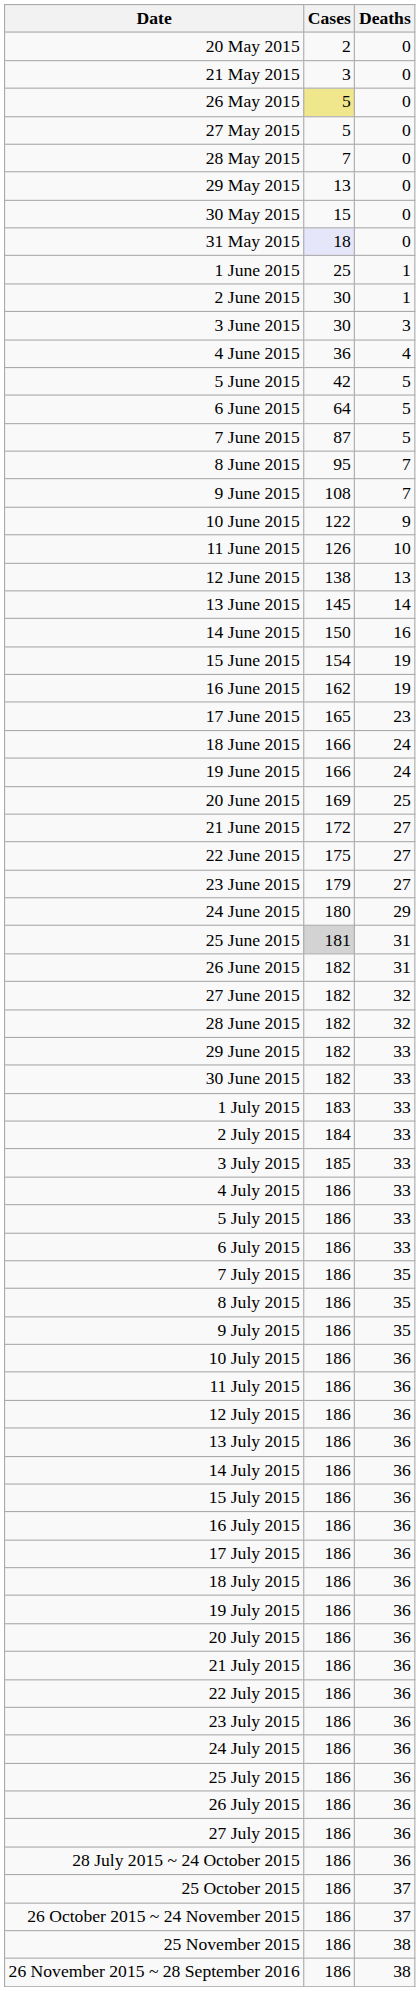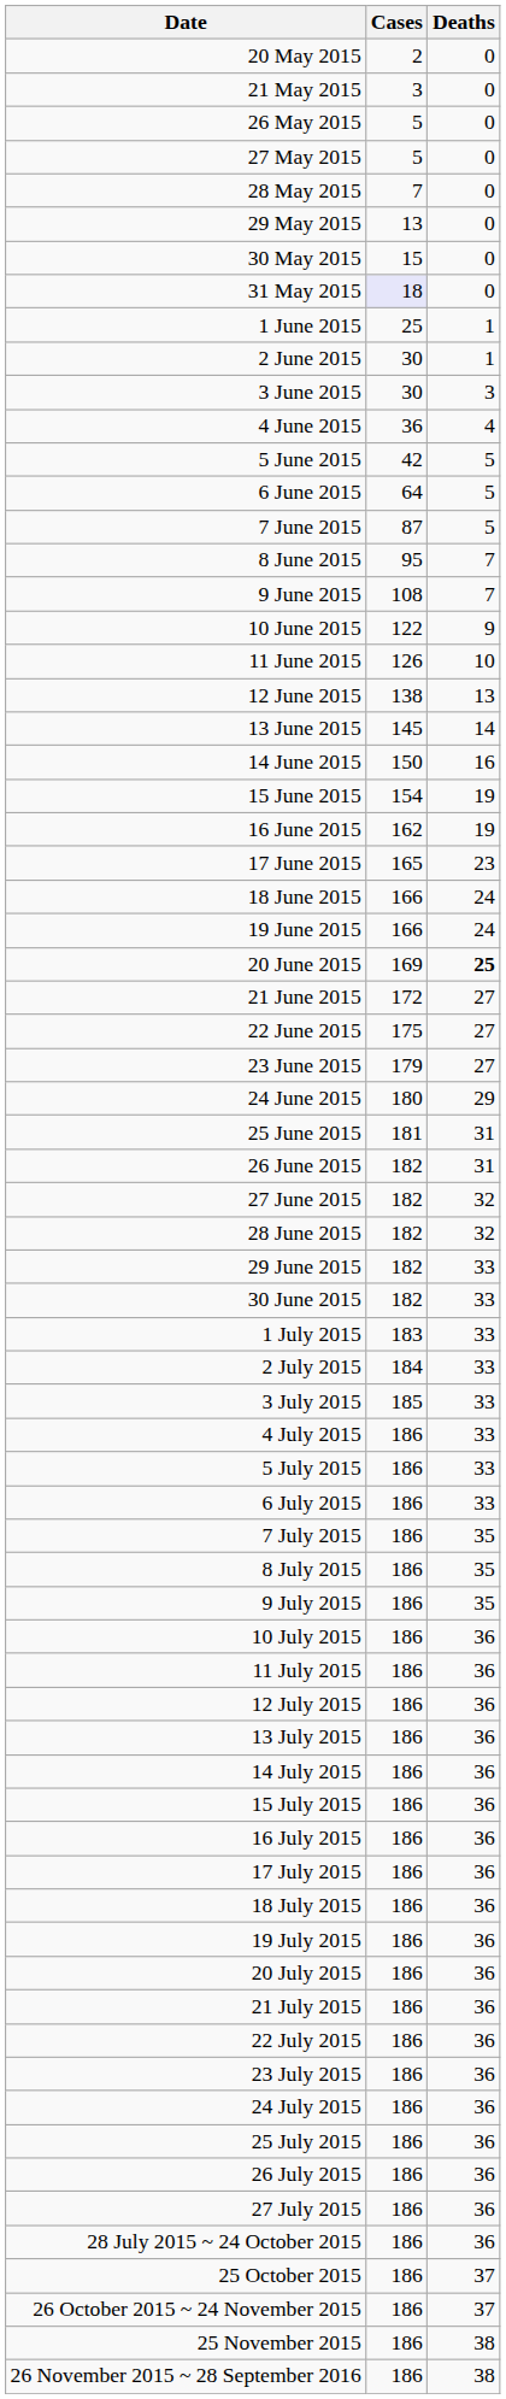 <table style="text-align: right;" class="wikitable collapsible collapsed">
 <tr>
 <th>Date</th>
 <th>Cases</th>
 <th>Deaths</th>
 </tr>
 <tr>
 <td>20 May 2015</td>
 <td>2</td>
 <td>0</td>
 </tr>
 <tr>
 <td>21 May 2015</td>
 <td>3</td>
 <td>0</td>
 </tr>
 <tr>
 <td>26 May 2015</td>
-<td style="background: khaki;">5</td>
+<td>5</td>
 <td>0</td>
 </tr>
 <tr>
 <td>27 May 2015</td>
 <td>5</td>
 <td>0</td>
 </tr>
 <tr>
 <td>28 May 2015</td>
 <td>7</td>
 <td>0</td>
 </tr>
 <tr>
 <td>29 May 2015</td>
 <td>13</td>
 <td>0</td>
 </tr>
 <tr>
 <td>30 May 2015</td>
 <td>15</td>
 <td>0</td>
 </tr>
 <tr>
 <td>31 May 2015</td>
 <td style="background: lavender;">18</td>
 <td>0</td>
 </tr>
 <tr>
 <td>1 June 2015</td>
 <td>25</td>
 <td>1</td>
 </tr>
 <tr>
 <td>2 June 2015</td>
 <td>30</td>
 <td>1</td>
 </tr>
 <tr>
 <td>3 June 2015</td>
 <td>30</td>
 <td>3</td>
 </tr>
 <tr>
 <td>4 June 2015</td>
 <td>36</td>
 <td>4</td>
 </tr>
 <tr>
 <td>5 June 2015</td>
 <td>42</td>
 <td>5</td>
 </tr>
 <tr>
 <td>6 June 2015</td>
 <td>64</td>
 <td>5</td>
 </tr>
 <tr>
 <td>7 June 2015</td>
 <td>87</td>
 <td>5</td>
 </tr>
 <tr>
 <td>8 June 2015</td>
 <td>95</td>
 <td>7</td>
 </tr>
 <tr>
 <td>9 June 2015</td>
 <td>108</td>
 <td>7</td>
 </tr>
 <tr>
 <td>10 June 2015</td>
 <td>122</td>
 <td>9</td>
 </tr>
 <tr>
 <td>11 June 2015</td>
 <td>126</td>
 <td>10</td>
 </tr>
 <tr>
 <td>12 June 2015</td>
 <td>138</td>
 <td>13</td>
 </tr>
 <tr>
 <td>13 June 2015</td>
 <td>145</td>
 <td>14</td>
 </tr>
 <tr>
 <td>14 June 2015</td>
 <td>150</td>
 <td>16</td>
 </tr>
 <tr>
 <td>15 June 2015</td>
 <td>154</td>
 <td>19</td>
 </tr>
 <tr>
 <td>16 June 2015</td>
 <td>162</td>
 <td>19</td>
 </tr>
 <tr>
 <td>17 June 2015</td>
 <td>165</td>
 <td>23</td>
 </tr>
 <tr>
 <td>18 June 2015</td>
 <td>166</td>
 <td>24</td>
 </tr>
 <tr>
 <td>19 June 2015</td>
 <td>166</td>
 <td>24</td>
 </tr>
 <tr>
 <td>20 June 2015</td>
 <td>169</td>
-<td>25</td>
+<td><strong>25</strong></td>
 </tr>
 <tr>
 <td>21 June 2015</td>
 <td>172</td>
 <td>27</td>
 </tr>
 <tr>
 <td>22 June 2015</td>
 <td>175</td>
 <td>27</td>
 </tr>
 <tr>
 <td>23 June 2015</td>
 <td>179</td>
 <td>27</td>
 </tr>
 <tr>
 <td>24 June 2015</td>
 <td>180</td>
 <td>29</td>
 </tr>
 <tr>
 <td>25 June 2015</td>
-<td style="background: lightgrey;">181</td>
+<td>181</td>
 <td>31</td>
 </tr>
 <tr>
 <td>26 June 2015</td>
 <td>182</td>
 <td>31</td>
 </tr>
 <tr>
 <td>27 June 2015</td>
 <td>182</td>
 <td>32</td>
 </tr>
 <tr>
 <td>28 June 2015</td>
 <td>182</td>
 <td>32</td>
 </tr>
 <tr>
 <td>29 June 2015</td>
 <td>182</td>
 <td>33</td>
 </tr>
 <tr>
 <td>30 June 2015</td>
 <td>182</td>
 <td>33</td>
 </tr>
 <tr>
 <td>1 July 2015</td>
 <td>183</td>
 <td>33</td>
 </tr>
 <tr>
 <td>2 July 2015</td>
 <td>184</td>
 <td>33</td>
 </tr>
 <tr>
 <td>3 July 2015</td>
 <td>185</td>
 <td>33</td>
 </tr>
 <tr>
 <td>4 July 2015</td>
 <td>186</td>
 <td>33</td>
 </tr>
 <tr>
 <td>5 July 2015</td>
 <td>186</td>
 <td>33</td>
 </tr>
 <tr>
 <td>6 July 2015</td>
 <td>186</td>
 <td>33</td>
 </tr>
 <tr>
 <td>7 July 2015</td>
 <td>186</td>
 <td>35</td>
 </tr>
 <tr>
 <td>8 July 2015</td>
 <td>186</td>
 <td>35</td>
 </tr>
 <tr>
 <td>9 July 2015</td>
 <td>186</td>
 <td>35</td>
 </tr>
 <tr>
 <td>10 July 2015</td>
 <td>186</td>
 <td>36</td>
 </tr>
 <tr>
 <td>11 July 2015</td>
 <td>186</td>
 <td>36</td>
 </tr>
 <tr>
 <td>12 July 2015</td>
 <td>186</td>
 <td>36</td>
 </tr>
 <tr>
 <td>13 July 2015</td>
 <td>186</td>
 <td>36</td>
 </tr>
 <tr>
 <td>14 July 2015</td>
 <td>186</td>
 <td>36</td>
 </tr>
 <tr>
 <td>15 July 2015</td>
 <td>186</td>
 <td>36</td>
 </tr>
 <tr>
 <td>16 July 2015</td>
 <td>186</td>
 <td>36</td>
 </tr>
 <tr>
 <td>17 July 2015</td>
 <td>186</td>
 <td>36</td>
 </tr>
 <tr>
 <td>18 July 2015</td>
 <td>186</td>
 <td>36</td>
 </tr>
 <tr>
 <td>19 July 2015</td>
 <td>186</td>
 <td>36</td>
 </tr>
 <tr>
 <td>20 July 2015</td>
 <td>186</td>
 <td>36</td>
 </tr>
 <tr>
 <td>21 July 2015</td>
 <td>186</td>
 <td>36</td>
 </tr>
 <tr>
 <td>22 July 2015</td>
 <td>186</td>
 <td>36</td>
 </tr>
 <tr>
 <td>23 July 2015</td>
 <td>186</td>
 <td>36</td>
 </tr>
 <tr>
 <td>24 July 2015</td>
 <td>186</td>
 <td>36</td>
 </tr>
 <tr>
 <td>25 July 2015</td>
 <td>186</td>
 <td>36</td>
 </tr>
 <tr>
 <td>26 July 2015</td>
 <td>186</td>
 <td>36</td>
 </tr>
 <tr>
 <td>27 July 2015</td>
 <td>186</td>
 <td>36</td>
 </tr>
 <tr>
 <td>28 July 2015 ~ 24 October 2015</td>
 <td>186</td>
 <td>36</td>
 </tr>
 <tr>
 <td>25 October 2015</td>
 <td>186</td>
 <td>37</td>
 </tr>
 <tr>
 <td>26 October 2015 ~ 24 November 2015</td>
 <td>186</td>
 <td>37</td>
 </tr>
 <tr>
 <td>25 November 2015</td>
 <td>186</td>
 <td>38</td>
 </tr>
 <tr>
 <td>26 November 2015 ~ 28 September 2016</td>
 <td>186</td>
 <td>38</td>
 </tr>
 </table>
